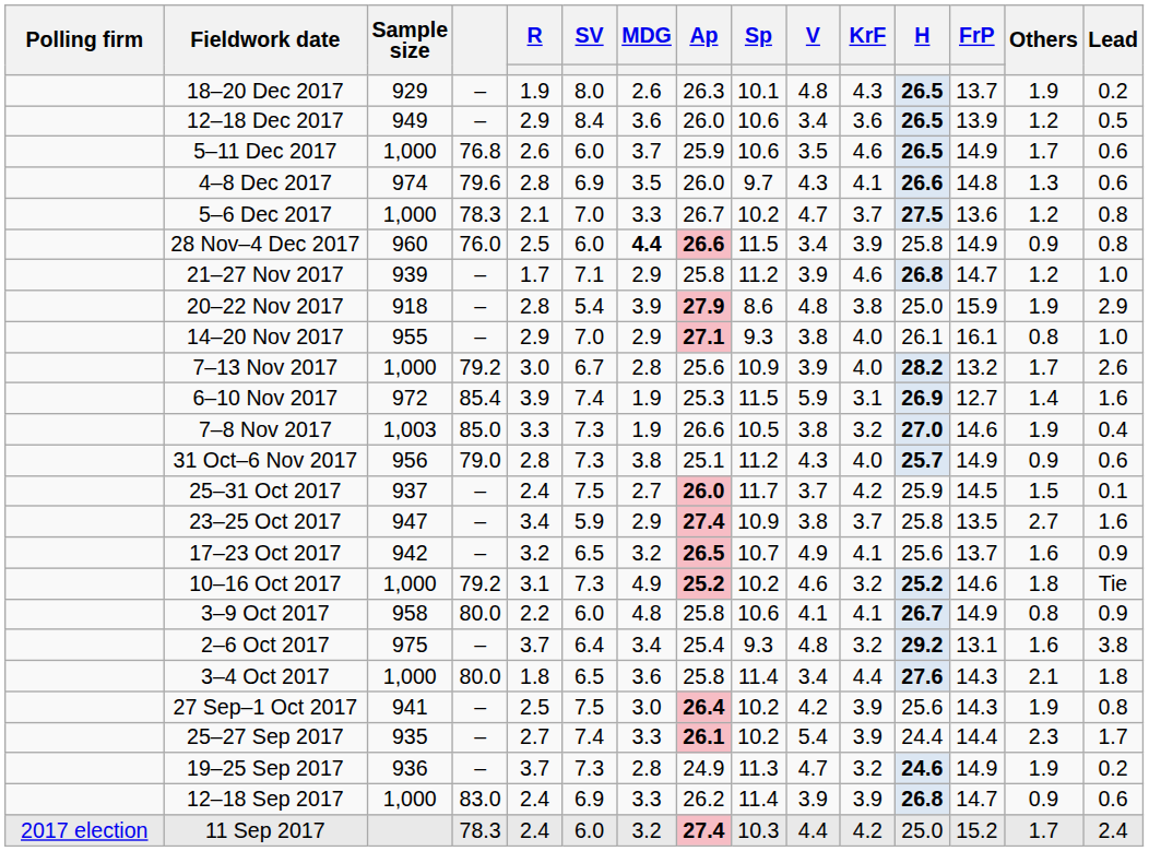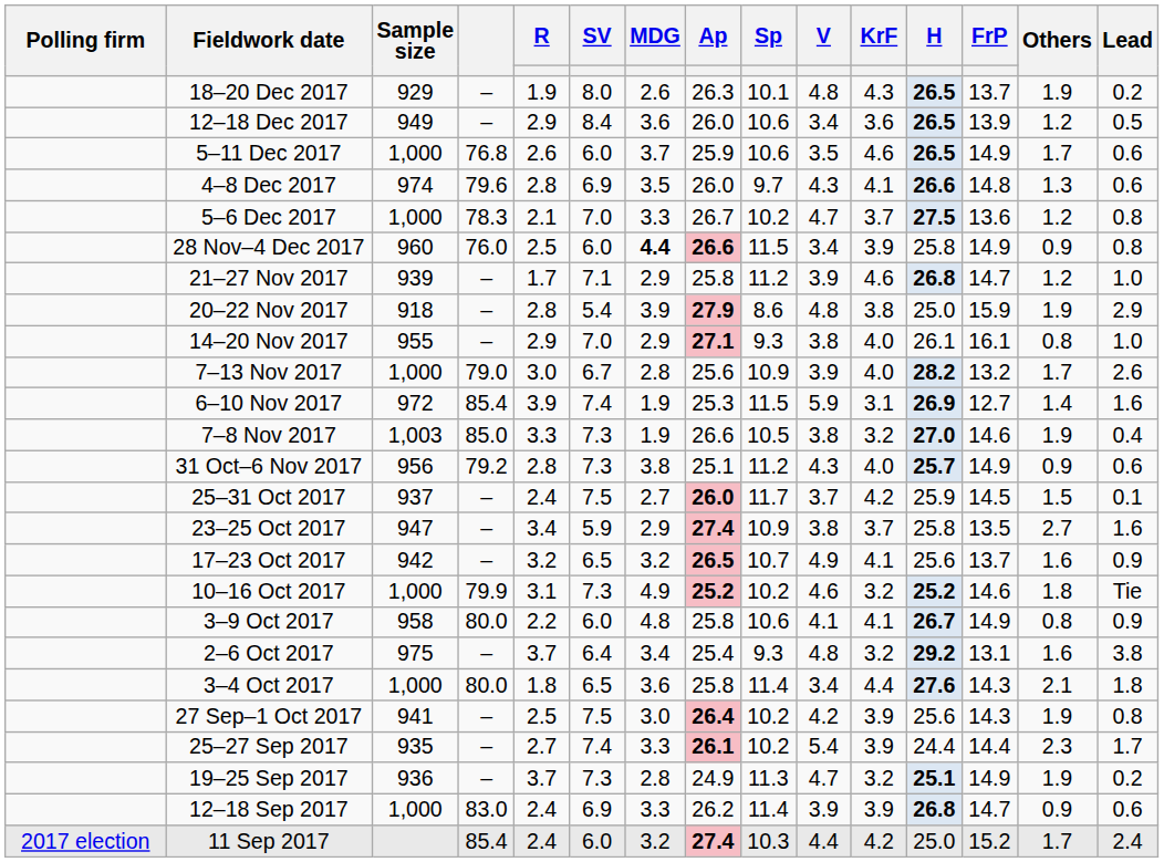 <table class="wikitable mw-collapsible mw-collapsed sortable" style="text-align:center;font-size:90%;line-height:14px;">
 <tr style="height:40px;">
 <th style="width:100px;" rowspan="2">Polling firm</th>
 <th style="width:130px;" rowspan="2">Fieldwork date</th>
 <th style="width:35px;" rowspan="2">Sample<br>size</th>
 <th style="width:30px;" rowspan="2"></th>
 <th class="unsortable" style="width:30px;"><a href='#'>R</a></th>
 <th class="unsortable" style="width:30px;"><a href='#'>SV</a></th>
 <th class="unsortable" style="width:30px;"><a href='#'>MDG</a></th>
 <th class="unsortable" style="width:30px;"><a href='#'>Ap</a></th>
 <th class="unsortable" style="width:30px;"><a href='#'>Sp</a></th>
 <th class="unsortable" style="width:30px;"><a href='#'>V</a></th>
 <th class="unsortable" style="width:30px;"><a href='#'>KrF</a></th>
 <th class="unsortable" style="width:30px;"><a href='#'>H</a></th>
 <th class="unsortable" style="width:30px;"><a href='#'>FrP</a></th>
 <th class="unsortable" style="width:20px;" rowspan="2">Others</th>
 <th style="width:30px;" rowspan="2">Lead</th>
 </tr>
 <tr>
 <th style="background:"></th>
 <th style="background:"></th>
 <th style="background:"></th>
 <th style="background:"></th>
 <th style="background:"></th>
 <th style="background:"></th>
 <th style="background:"></th>
 <th style="background:"></th>
 <th style="background:"></th>
 </tr>
 <tr>
 <td></td>
 <td data-sort-value="2017-12-20">18–20 Dec 2017</td>
 <td>929</td>
 <td>–</td>
 <td>1.9</td>
 <td>8.0</td>
 <td>2.6</td>
 <td>26.3</td>
 <td>10.1</td>
 <td>4.8</td>
 <td>4.3</td>
 <td style="background:#DCE7F3;"><strong>26.5</strong></td>
 <td>13.7</td>
 <td>1.9</td>
 <td style="background:">0.2</td>
 </tr>
 <tr>
 <td></td>
 <td data-sort-value="2017-12-18">12–18 Dec 2017</td>
 <td>949</td>
 <td>–</td>
 <td>2.9</td>
 <td>8.4</td>
 <td>3.6</td>
 <td>26.0</td>
 <td>10.6</td>
 <td>3.4</td>
 <td>3.6</td>
 <td style="background:#DCE7F3;"><strong>26.5</strong></td>
 <td>13.9</td>
 <td>1.2</td>
 <td style="background:">0.5</td>
 </tr>
 <tr>
 <td></td>
 <td data-sort-value="2017-12-11">5–11 Dec 2017</td>
 <td>1,000</td>
 <td>76.8</td>
 <td>2.6</td>
 <td>6.0</td>
 <td>3.7</td>
 <td>25.9</td>
 <td>10.6</td>
 <td>3.5</td>
 <td>4.6</td>
 <td style="background:#DCE7F3;"><strong>26.5</strong></td>
 <td>14.9</td>
 <td>1.7</td>
 <td style="background:">0.6</td>
 </tr>
 <tr>
 <td></td>
 <td data-sort-value="2017-12-08">4–8 Dec 2017</td>
 <td>974</td>
 <td>79.6</td>
 <td>2.8</td>
 <td>6.9</td>
 <td>3.5</td>
 <td>26.0</td>
 <td>9.7</td>
 <td>4.3</td>
 <td>4.1</td>
 <td style="background:#DCE7F3;"><strong>26.6</strong></td>
 <td>14.8</td>
 <td>1.3</td>
 <td style="background:">0.6</td>
 </tr>
 <tr>
 <td></td>
 <td data-sort-value="2017-12-06">5–6 Dec 2017</td>
 <td>1,000</td>
 <td>78.3</td>
 <td>2.1</td>
 <td>7.0</td>
 <td>3.3</td>
 <td>26.7</td>
 <td>10.2</td>
 <td>4.7</td>
 <td>3.7</td>
 <td style="background:#DCE7F3;"><strong>27.5</strong></td>
 <td>13.6</td>
 <td>1.2</td>
 <td style="background:">0.8</td>
 </tr>
 <tr>
 <td></td>
 <td data-sort-value="2017-12-04">28 Nov–4 Dec 2017</td>
 <td>960</td>
 <td>76.0</td>
 <td>2.5</td>
 <td>6.0</td>
 <td><strong>4.4</strong></td>
 <td style="background:#F7BDC5;"><strong>26.6</strong></td>
 <td>11.5</td>
 <td>3.4</td>
 <td>3.9</td>
 <td>25.8</td>
 <td>14.9</td>
 <td>0.9</td>
 <td style="background:">0.8</td>
 </tr>
 <tr>
 <td></td>
 <td data-sort-value="2017-11-27">21–27 Nov 2017</td>
 <td>939</td>
 <td>–</td>
 <td>1.7</td>
 <td>7.1</td>
 <td>2.9</td>
 <td>25.8</td>
 <td>11.2</td>
 <td>3.9</td>
 <td>4.6</td>
 <td style="background:#DCE7F3;"><strong>26.8</strong></td>
 <td>14.7</td>
 <td>1.2</td>
 <td style="background:">1.0</td>
 </tr>
 <tr>
 <td></td>
 <td data-sort-value="2017-11-22">20–22 Nov 2017</td>
 <td>918</td>
 <td>–</td>
 <td>2.8</td>
 <td>5.4</td>
 <td>3.9</td>
 <td style="background:#F7BDC5;"><strong>27.9</strong></td>
 <td>8.6</td>
 <td>4.8</td>
 <td>3.8</td>
 <td>25.0</td>
 <td>15.9</td>
 <td>1.9</td>
 <td style="background:">2.9</td>
 </tr>
 <tr>
 <td></td>
 <td data-sort-value="2017-11-20">14–20 Nov 2017</td>
 <td>955</td>
 <td>–</td>
 <td>2.9</td>
 <td>7.0</td>
 <td>2.9</td>
 <td style="background:#F7BDC5;"><strong>27.1</strong></td>
 <td>9.3</td>
 <td>3.8</td>
 <td>4.0</td>
 <td>26.1</td>
 <td>16.1</td>
 <td>0.8</td>
 <td style="background:">1.0</td>
 </tr>
 <tr>
 <td></td>
 <td data-sort-value="2017-11-13">7–13 Nov 2017</td>
 <td>1,000</td>
-<td>79.2</td>
+<td>79.0</td>
 <td>3.0</td>
 <td>6.7</td>
 <td>2.8</td>
 <td>25.6</td>
 <td>10.9</td>
 <td>3.9</td>
 <td>4.0</td>
 <td style="background:#DCE7F3;"><strong>28.2</strong></td>
 <td>13.2</td>
 <td>1.7</td>
 <td style="background:">2.6</td>
 </tr>
 <tr>
 <td></td>
 <td data-sort-value="2017-11-10">6–10 Nov 2017</td>
 <td>972</td>
 <td>85.4</td>
 <td>3.9</td>
 <td>7.4</td>
 <td>1.9</td>
 <td>25.3</td>
 <td>11.5</td>
 <td>5.9</td>
 <td>3.1</td>
 <td style="background:#DCE7F3;"><strong>26.9</strong></td>
 <td>12.7</td>
 <td>1.4</td>
 <td style="background:">1.6</td>
 </tr>
 <tr>
 <td></td>
 <td data-sort-value="2017-11-08">7–8 Nov 2017</td>
 <td>1,003</td>
 <td>85.0</td>
 <td>3.3</td>
 <td>7.3</td>
 <td>1.9</td>
 <td>26.6</td>
 <td>10.5</td>
 <td>3.8</td>
 <td>3.2</td>
 <td style="background:#DCE7F3;"><strong>27.0</strong></td>
 <td>14.6</td>
 <td>1.9</td>
 <td style="background:">0.4</td>
 </tr>
 <tr>
 <td></td>
 <td data-sort-value="2017-11-06">31 Oct–6 Nov 2017</td>
 <td>956</td>
-<td>79.0</td>
+<td>79.2</td>
 <td>2.8</td>
 <td>7.3</td>
 <td>3.8</td>
 <td>25.1</td>
 <td>11.2</td>
 <td>4.3</td>
 <td>4.0</td>
 <td style="background:#DCE7F3;"><strong>25.7</strong></td>
 <td>14.9</td>
 <td>0.9</td>
 <td style="background:">0.6</td>
 </tr>
 <tr>
 <td></td>
 <td data-sort-value="2017-10-31">25–31 Oct 2017</td>
 <td>937</td>
 <td>–</td>
 <td>2.4</td>
 <td>7.5</td>
 <td>2.7</td>
 <td style="background:#F7BDC5;"><strong>26.0</strong></td>
 <td>11.7</td>
 <td>3.7</td>
 <td>4.2</td>
 <td>25.9</td>
 <td>14.5</td>
 <td>1.5</td>
 <td style="background:">0.1</td>
 </tr>
 <tr>
 <td></td>
 <td data-sort-value="2017-10-25">23–25 Oct 2017</td>
 <td>947</td>
 <td>–</td>
 <td>3.4</td>
 <td>5.9</td>
 <td>2.9</td>
 <td style="background:#F7BDC5;"><strong>27.4</strong></td>
 <td>10.9</td>
 <td>3.8</td>
 <td>3.7</td>
 <td>25.8</td>
 <td>13.5</td>
 <td>2.7</td>
 <td style="background:">1.6</td>
 </tr>
 <tr>
 <td></td>
 <td data-sort-value="2017-10-23">17–23 Oct 2017</td>
 <td>942</td>
 <td>–</td>
 <td>3.2</td>
 <td>6.5</td>
 <td>3.2</td>
 <td style="background:#F7BDC5;"><strong>26.5</strong></td>
 <td>10.7</td>
 <td>4.9</td>
 <td>4.1</td>
 <td>25.6</td>
 <td>13.7</td>
 <td>1.6</td>
 <td style="background:">0.9</td>
 </tr>
 <tr>
 <td></td>
 <td data-sort-value="2017-10-16">10–16 Oct 2017</td>
 <td>1,000</td>
-<td>79.2</td>
+<td>79.9</td>
 <td>3.1</td>
 <td>7.3</td>
 <td>4.9</td>
 <td style="background:#F7BDC5;"><strong>25.2</strong></td>
 <td>10.2</td>
 <td>4.6</td>
 <td>3.2</td>
 <td style="background:#DCE7F3;"><strong>25.2</strong></td>
 <td>14.6</td>
 <td>1.8</td>
 <td data-sort-value="0">Tie</td>
 </tr>
 <tr>
 <td></td>
 <td data-sort-value="2017-10-09">3–9 Oct 2017</td>
 <td>958</td>
 <td>80.0</td>
 <td>2.2</td>
 <td>6.0</td>
 <td>4.8</td>
 <td>25.8</td>
 <td>10.6</td>
 <td>4.1</td>
 <td>4.1</td>
 <td style="background:#DCE7F3;"><strong>26.7</strong></td>
 <td>14.9</td>
 <td>0.8</td>
 <td style="background:">0.9</td>
 </tr>
 <tr>
 <td></td>
 <td data-sort-value="2017-10-06">2–6 Oct 2017</td>
 <td>975</td>
 <td>–</td>
 <td>3.7</td>
 <td>6.4</td>
 <td>3.4</td>
 <td>25.4</td>
 <td>9.3</td>
 <td>4.8</td>
 <td>3.2</td>
 <td style="background:#DCE7F3;"><strong>29.2</strong></td>
 <td>13.1</td>
 <td>1.6</td>
 <td style="background:">3.8</td>
 </tr>
 <tr>
 <td></td>
 <td data-sort-value="2017-10-04">3–4 Oct 2017</td>
 <td>1,000</td>
 <td>80.0</td>
 <td>1.8</td>
 <td>6.5</td>
 <td>3.6</td>
 <td>25.8</td>
 <td>11.4</td>
 <td>3.4</td>
 <td>4.4</td>
 <td style="background:#DCE7F3;"><strong>27.6</strong></td>
 <td>14.3</td>
 <td>2.1</td>
 <td style="background:">1.8</td>
 </tr>
 <tr>
 <td></td>
 <td data-sort-value="2017-10-01">27 Sep–1 Oct 2017</td>
 <td>941</td>
 <td>–</td>
 <td>2.5</td>
 <td>7.5</td>
 <td>3.0</td>
 <td style="background:#F7BDC5;"><strong>26.4</strong></td>
 <td>10.2</td>
 <td>4.2</td>
 <td>3.9</td>
 <td>25.6</td>
 <td>14.3</td>
 <td>1.9</td>
 <td style="background:">0.8</td>
 </tr>
 <tr>
 <td></td>
 <td data-sort-value="2017-09-27">25–27 Sep 2017</td>
 <td>935</td>
 <td>–</td>
 <td>2.7</td>
 <td>7.4</td>
 <td>3.3</td>
 <td style="background:#F7BDC5;"><strong>26.1</strong></td>
 <td>10.2</td>
 <td>5.4</td>
 <td>3.9</td>
 <td>24.4</td>
 <td>14.4</td>
 <td>2.3</td>
 <td style="background:">1.7</td>
 </tr>
 <tr>
 <td></td>
 <td data-sort-value="2017-09-25">19–25 Sep 2017</td>
 <td>936</td>
 <td>–</td>
 <td>3.7</td>
 <td>7.3</td>
 <td>2.8</td>
 <td>24.9</td>
 <td>11.3</td>
 <td>4.7</td>
 <td>3.2</td>
-<td style="background:#DCE7F3;"><strong>24.6</strong></td>
+<td style="background:#DCE7F3;"><strong>25.1</strong></td>
 <td>14.9</td>
 <td>1.9</td>
 <td style="background:">0.2</td>
 </tr>
 <tr>
 <td></td>
 <td data-sort-value="2017-09-18">12–18 Sep 2017</td>
 <td>1,000</td>
 <td>83.0</td>
 <td>2.4</td>
 <td>6.9</td>
 <td>3.3</td>
 <td>26.2</td>
 <td>11.4</td>
 <td>3.9</td>
 <td>3.9</td>
 <td style="background:#DCE7F3;"><strong>26.8</strong></td>
 <td>14.7</td>
 <td>0.9</td>
 <td style="background:">0.6</td>
 </tr>
 <tr style="background:#E9E9E9;">
 <td><a href='#'>2017 election</a></td>
 <td data-sort-value="2017-09-11">11 Sep 2017</td>
 <td></td>
-<td>78.3</td>
+<td>85.4</td>
 <td>2.4</td>
 <td>6.0</td>
 <td>3.2</td>
 <td style="background:#F7BDC5;"><strong>27.4</strong></td>
 <td>10.3</td>
 <td>4.4</td>
 <td>4.2</td>
 <td>25.0</td>
 <td>15.2</td>
 <td>1.7</td>
 <td style="background:">2.4</td>
 </tr>
 </table>
